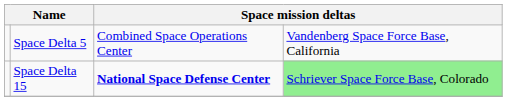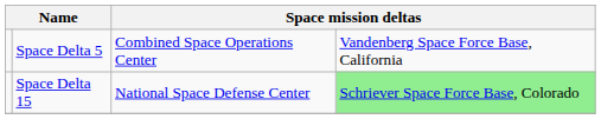 <table class="wikitable">
 <tr>
 <th colspan=2>Name</th>
 <th colspan=5>Space mission deltas</th>
 </tr>
 <tr>
 <td></td>
 <td><a href='#'>Space Delta 5</a></td>
 <td><a href='#'>Combined Space Operations Center</a></td>
 <td><a href='#'>Vandenberg Space Force Base</a>, California</td>
 </tr>
 <tr>
 <td></td>
 <td><a href='#'>Space Delta 15</a></td>
-<td><strong><a href='#'>National Space Defense Center</a></strong></td>
+<td><a href='#'>National Space Defense Center</a></td>
 <td style="background: lightgreen;"><a href='#'>Schriever Space Force Base</a>, Colorado</td>
 </tr>
 <tr>
 </tr>
 </table>
